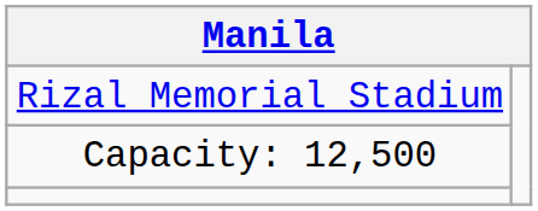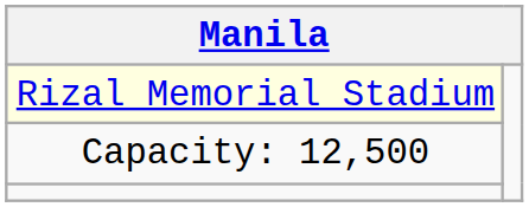 <table class="wikitable" style="text-align:center; margin:1em auto;">
 <tr>
 <th colspan=2><a href='#'>Manila</a></th>
 </tr>
 <tr>
-<td><a href='#'>Rizal Memorial Stadium</a></td>
+<td style="background: lightyellow;"><a href='#'>Rizal Memorial Stadium</a></td>
 <td rowspan=3></td>
 </tr>
 <tr>
 <td>Capacity: 12,500</td>
 </tr>
 <tr>
 <td></td>
 </tr>
 </table>
